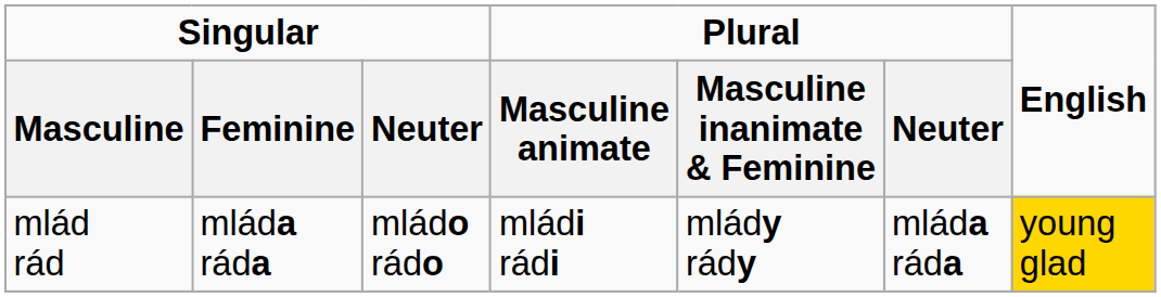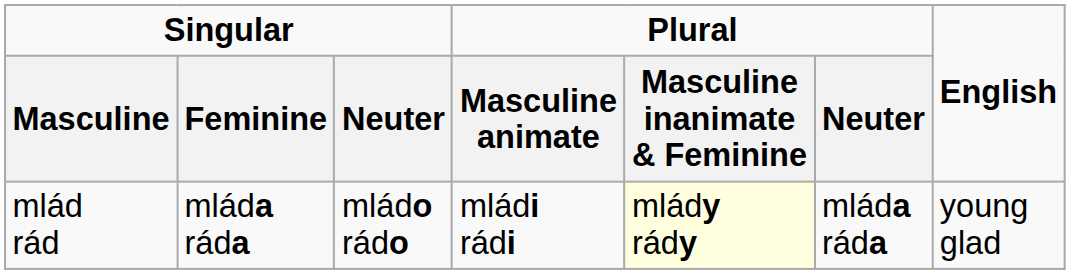 <table class=wikitable>
 <tr>
 <td colspan=3 align=center><strong>Singular</strong></td>
 <td colspan=3 align=center><strong>Plural</strong></td>
 <td Rowspan=2 align=center><strong>English</strong></td>
 </tr>
 <tr>
 <th>Masculine</th>
 <th>Feminine</th>
 <th>Neuter</th>
 <th>Masculine<br>animate</th>
 <th>Masculine<br>inanimate<br>& Feminine</th>
 <th>Neuter</th>
 </tr>
 <tr>
 <td>mlád<br>rád</td>
 <td>mlád<strong>a</strong><br>rád<strong>a</strong></td>
 <td>mlád<strong>o</strong><br>rád<strong>o</strong></td>
 <td>mlád<strong>i</strong><br>rád<strong>i</strong></td>
-<td>mlád<strong>y</strong><br>rád<strong>y</strong></td>
+<td style="background: lightyellow;">mlád<strong>y</strong><br>rád<strong>y</strong></td>
 <td>mlád<strong>a</strong><br>rád<strong>a</strong></td>
-<td style="background: gold;">young<br>glad</td>
+<td>young<br>glad</td>
 </tr>
 </table>
